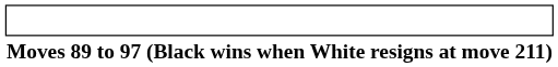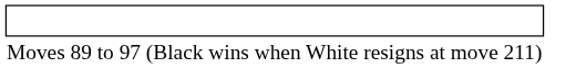 <table style="margin:1em">
 <tr>
 <td style="border: solid thin; padding: 2px;"><br></td>
 </tr>
 <tr>
-<td style="text-align:center"><strong>Moves 89 to 97 (Black wins when White resigns at move 211)</strong></td>
+<td style="text-align:center">Moves 89 to 97 (Black wins when White resigns at move 211)</td>
 </tr>
 </table>
